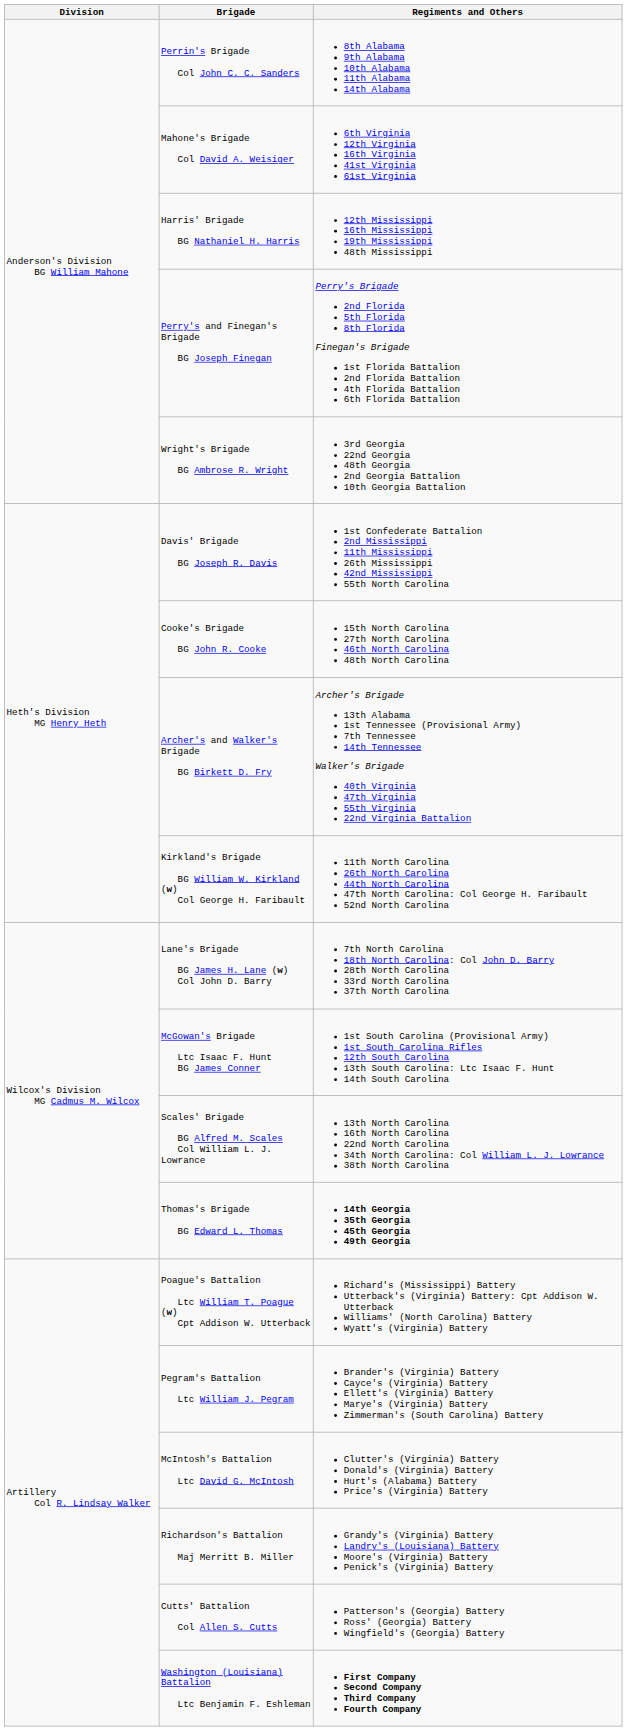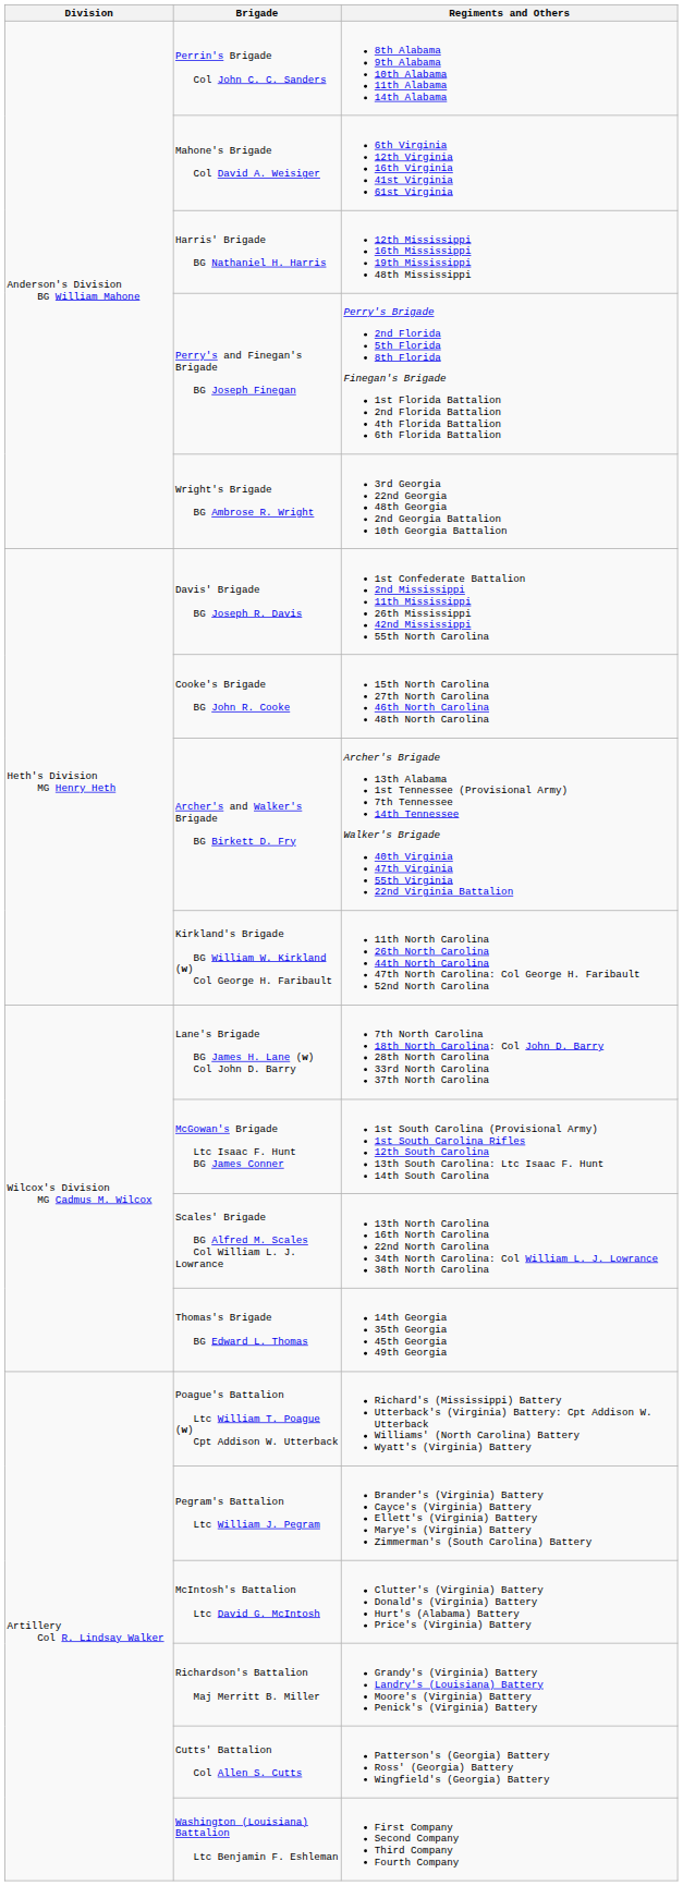 <table class="wikitable">
 <tr>
 <th width=25%>Division</th>
 <th width=25%>Brigade</th>
 <th>Regiments and Others</th>
 </tr>
 <tr>
 <td rowspan=5><br>Anderson's Division <br>     BG <a href='#'>William Mahone</a></td>
 <td><a href='#'>Perrin's</a> Brigade<br><br>   Col <a href='#'>John C. C. Sanders</a></td>
 <td><br><ul><li><a href='#'>8th Alabama</a></li><li><a href='#'>9th Alabama</a></li><li><a href='#'>10th Alabama</a></li><li><a href='#'>11th Alabama</a></li><li><a href='#'>14th Alabama</a></li></ul></td>
 </tr>
 <tr>
 <td>Mahone's Brigade<br><br>   Col <a href='#'>David A. Weisiger</a></td>
 <td><br><ul><li><a href='#'>6th Virginia</a></li><li><a href='#'>12th Virginia</a></li><li><a href='#'>16th Virginia</a></li><li><a href='#'>41st Virginia</a></li><li><a href='#'>61st Virginia</a></li></ul></td>
 </tr>
 <tr>
 <td>Harris' Brigade<br><br>   BG <a href='#'>Nathaniel H. Harris</a></td>
 <td><br><ul><li><a href='#'>12th Mississippi</a></li><li><a href='#'>16th Mississippi</a></li><li><a href='#'>19th Mississippi</a></li><li>48th Mississippi</li></ul></td>
 </tr>
 <tr>
 <td><a href='#'>Perry's</a> and Finegan's Brigade<br><br>   BG <a href='#'>Joseph Finegan</a></td>
 <td><br><em><a href='#'>Perry's Brigade</a></em><ul><li><a href='#'>2nd Florida</a></li><li><a href='#'>5th Florida</a></li><li><a href='#'>8th Florida</a></li></ul><em>Finegan's Brigade</em><ul><li>1st Florida Battalion</li><li>2nd Florida Battalion</li><li>4th Florida Battalion</li><li>6th Florida Battalion</li></ul></td>
 </tr>
 <tr>
 <td>Wright's Brigade<br><br>   BG <a href='#'>Ambrose R. Wright</a></td>
 <td><br><ul><li>3rd Georgia</li><li>22nd Georgia</li><li>48th Georgia</li><li>2nd Georgia Battalion</li><li>10th Georgia Battalion</li></ul></td>
 </tr>
 <tr>
 <td rowspan=4><br>Heth's Division <br>     MG <a href='#'>Henry Heth</a></td>
 <td>Davis' Brigade<br><br>   BG <a href='#'>Joseph R. Davis</a></td>
 <td><br><ul><li>1st Confederate Battalion</li><li><a href='#'>2nd Mississippi</a></li><li><a href='#'>11th Mississippi</a></li><li>26th Mississippi</li><li><a href='#'>42nd Mississippi</a></li><li>55th North Carolina</li></ul></td>
 </tr>
 <tr>
 <td>Cooke's Brigade<br><br>   BG <a href='#'>John R. Cooke</a></td>
 <td><br><ul><li>15th North Carolina</li><li>27th North Carolina</li><li><a href='#'>46th North Carolina</a></li><li>48th North Carolina</li></ul></td>
 </tr>
 <tr>
 <td><a href='#'>Archer's</a> and <a href='#'>Walker's</a> Brigade<br><br>   BG <a href='#'>Birkett D. Fry</a></td>
 <td><br><em>Archer's Brigade</em><ul><li>13th Alabama</li><li>1st Tennessee (Provisional Army)</li><li>7th Tennessee</li><li><a href='#'>14th Tennessee</a></li></ul><em>Walker's Brigade</em><ul><li><a href='#'>40th Virginia</a></li><li><a href='#'>47th Virginia</a></li><li><a href='#'>55th Virginia</a></li><li><a href='#'>22nd Virginia Battalion</a></li></ul></td>
 </tr>
 <tr>
 <td>Kirkland's Brigade<br><br>   BG <a href='#'>William W. Kirkland</a> (<strong>w</strong>) <br>   Col George H. Faribault</td>
 <td><br><ul><li>11th North Carolina</li><li><a href='#'>26th North Carolina</a></li><li><a href='#'>44th North Carolina</a></li><li>47th North Carolina: Col George H. Faribault</li><li>52nd North Carolina</li></ul></td>
 </tr>
 <tr>
 <td rowspan=4><br>Wilcox's Division <br>     MG <a href='#'>Cadmus M. Wilcox</a></td>
 <td>Lane's Brigade<br><br>   BG <a href='#'>James H. Lane</a> (<strong>w</strong>) <br>   Col John D. Barry</td>
 <td><br><ul><li>7th North Carolina</li><li><a href='#'>18th North Carolina</a>: Col <a href='#'>John D. Barry</a></li><li>28th North Carolina</li><li>33rd North Carolina</li><li>37th North Carolina</li></ul></td>
 </tr>
 <tr>
 <td><a href='#'>McGowan's</a> Brigade<br><br>   Ltc Isaac F. Hunt <br>   BG <a href='#'>James Conner</a></td>
 <td><br><ul><li>1st South Carolina (Provisional Army)</li><li><a href='#'>1st South Carolina Rifles</a></li><li><a href='#'>12th South Carolina</a></li><li>13th South Carolina: Ltc Isaac F. Hunt</li><li>14th South Carolina</li></ul></td>
 </tr>
 <tr>
 <td>Scales' Brigade<br><br>   BG <a href='#'>Alfred M. Scales</a> <br>   Col William L. J. Lowrance</td>
 <td><br><ul><li>13th North Carolina</li><li>16th North Carolina</li><li>22nd North Carolina</li><li>34th North Carolina: Col <a href='#'>William L. J. Lowrance</a></li><li>38th North Carolina</li></ul></td>
 </tr>
 <tr>
 <td>Thomas's Brigade<br><br>   BG <a href='#'>Edward L. Thomas</a></td>
-<td><strong><br><ul><li>14th Georgia</li><li>35th Georgia</li><li>45th Georgia</li><li>49th Georgia</li></ul></strong></td>
+<td><br><ul><li>14th Georgia</li><li>35th Georgia</li><li>45th Georgia</li><li>49th Georgia</li></ul></td>
 </tr>
 <tr>
 <td rowspan=6><br>Artillery <br>     Col <a href='#'>R. Lindsay Walker</a></td>
 <td>Poague's Battalion<br><br>   Ltc <a href='#'>William T. Poague</a> (<strong>w</strong>) <br>   Cpt Addison W. Utterback</td>
 <td><br><ul><li>Richard's (Mississippi) Battery</li><li>Utterback's (Virginia) Battery: Cpt Addison W. Utterback</li><li>Williams' (North Carolina) Battery</li><li>Wyatt's (Virginia) Battery</li></ul></td>
 </tr>
 <tr>
 <td>Pegram's Battalion<br><br>   Ltc <a href='#'>William J. Pegram</a></td>
 <td><br><ul><li>Brander's (Virginia) Battery</li><li>Cayce's (Virginia) Battery</li><li>Ellett's (Virginia) Battery</li><li>Marye's (Virginia) Battery</li><li>Zimmerman's (South Carolina) Battery</li></ul></td>
 </tr>
 <tr>
 <td>McIntosh's Battalion<br><br>   Ltc <a href='#'>David G. McIntosh</a></td>
 <td><br><ul><li>Clutter's (Virginia) Battery</li><li>Donald's (Virginia) Battery</li><li>Hurt's (Alabama) Battery</li><li>Price's (Virginia) Battery</li></ul></td>
 </tr>
 <tr>
 <td>Richardson's Battalion<br><br>   Maj Merritt B. Miller</td>
 <td><br><ul><li>Grandy's (Virginia) Battery</li><li><a href='#'>Landry's (Louisiana) Battery</a></li><li>Moore's (Virginia) Battery</li><li>Penick's (Virginia) Battery</li></ul></td>
 </tr>
 <tr>
 <td>Cutts' Battalion<br><br>   Col <a href='#'>Allen S. Cutts</a></td>
 <td><br><ul><li>Patterson's (Georgia) Battery</li><li>Ross' (Georgia) Battery</li><li>Wingfield's (Georgia) Battery</li></ul></td>
 </tr>
 <tr>
 <td><a href='#'>Washington (Louisiana) Battalion</a><br><br>   Ltc Benjamin F. Eshleman</td>
-<td><strong><br><ul><li>First Company</li><li>Second Company</li><li>Third Company</li><li>Fourth Company</li></ul></strong></td>
+<td><br><ul><li>First Company</li><li>Second Company</li><li>Third Company</li><li>Fourth Company</li></ul></td>
 </tr>
 </table>
